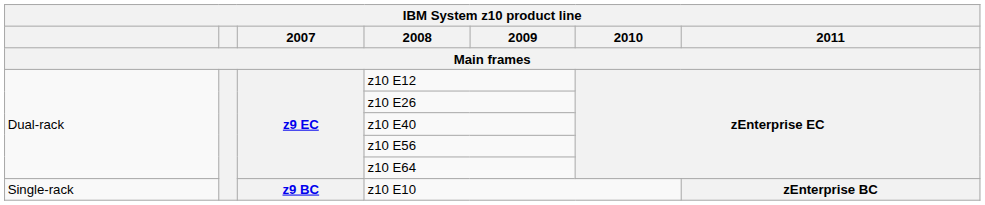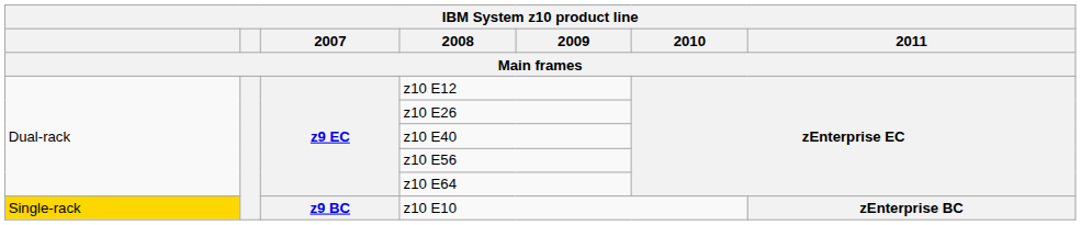 <table class="wikitable mw-collapsible mw-collapsed" style="min-width: 75%; font-size: 80%">
 <tr>
 <th colspan="7" style="text-align:center;">IBM System z10 product line</th>
 </tr>
 <tr>
 <th></th>
 <th></th>
 <th>2007</th>
 <th>2008</th>
 <th>2009</th>
 <th>2010</th>
 <th>2011</th>
 </tr>
 <tr>
 <th colspan="7">Main frames</th>
 </tr>
 <tr>
 <td rowspan="5">Dual-rack</td>
 <th rowspan="6"></th>
 <th rowspan="5"><a href='#'>z9 EC</a></th>
 <td colspan="2">z10 E12</td>
 <th colspan="2" rowspan="5">zEnterprise EC</th>
 </tr>
 <tr>
 <td colspan="2">z10 E26</td>
 </tr>
 <tr>
 <td colspan="2">z10 E40</td>
 </tr>
 <tr>
 <td colspan="2">z10 E56</td>
 </tr>
 <tr>
 <td colspan="2">z10 E64</td>
 </tr>
 <tr>
-<td>Single-rack</td>
+<td style="background: gold;">Single-rack</td>
 <th><a href='#'>z9 BC</a></th>
 <td colspan="3">z10 E10</td>
 <th>zEnterprise BC</th>
 </tr>
 </table>
